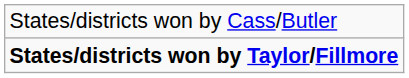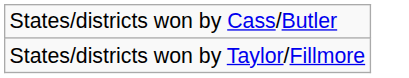 <table class="wikitable">
 <tr>
 <td>States/districts won by <a href='#'>Cass</a>/<a href='#'>Butler</a></td>
 </tr>
 <tr>
-<td><strong>States/districts won by <a href='#'>Taylor</a>/<a href='#'>Fillmore</a></strong></td>
+<td>States/districts won by <a href='#'>Taylor</a>/<a href='#'>Fillmore</a></td>
 </tr>
 </table>
